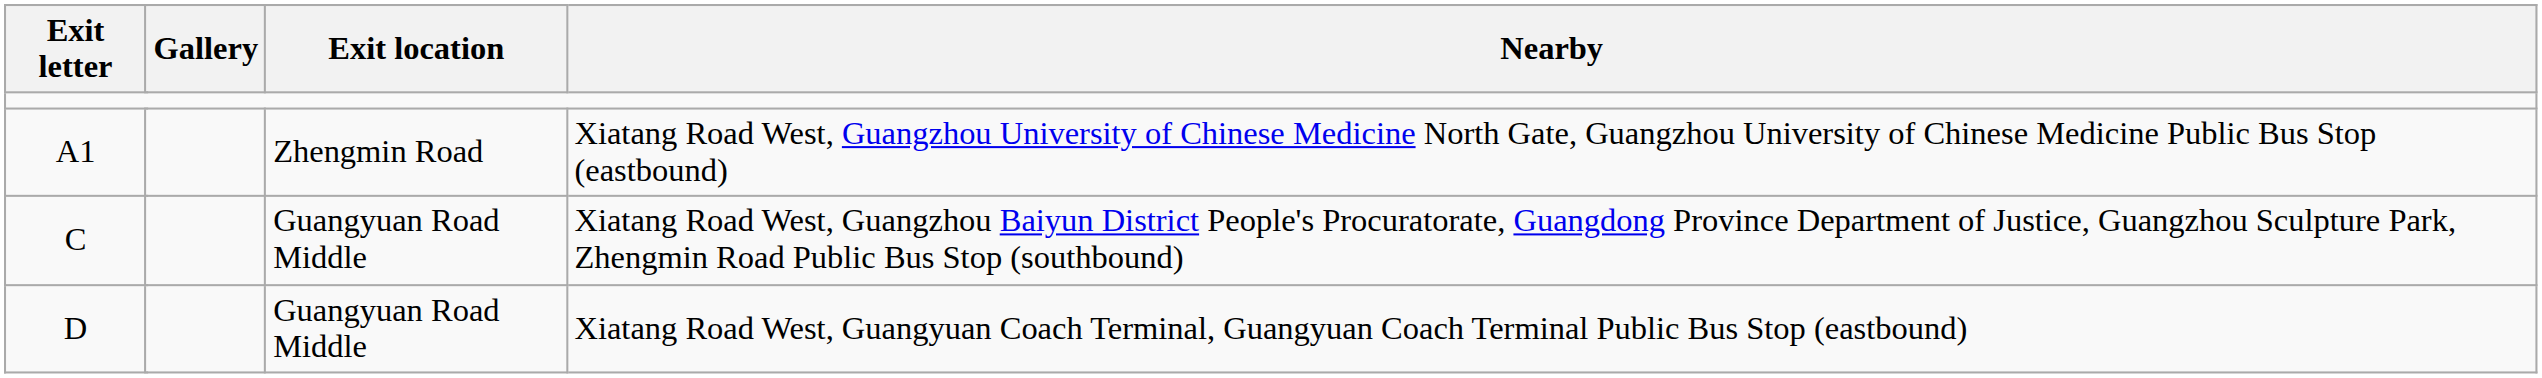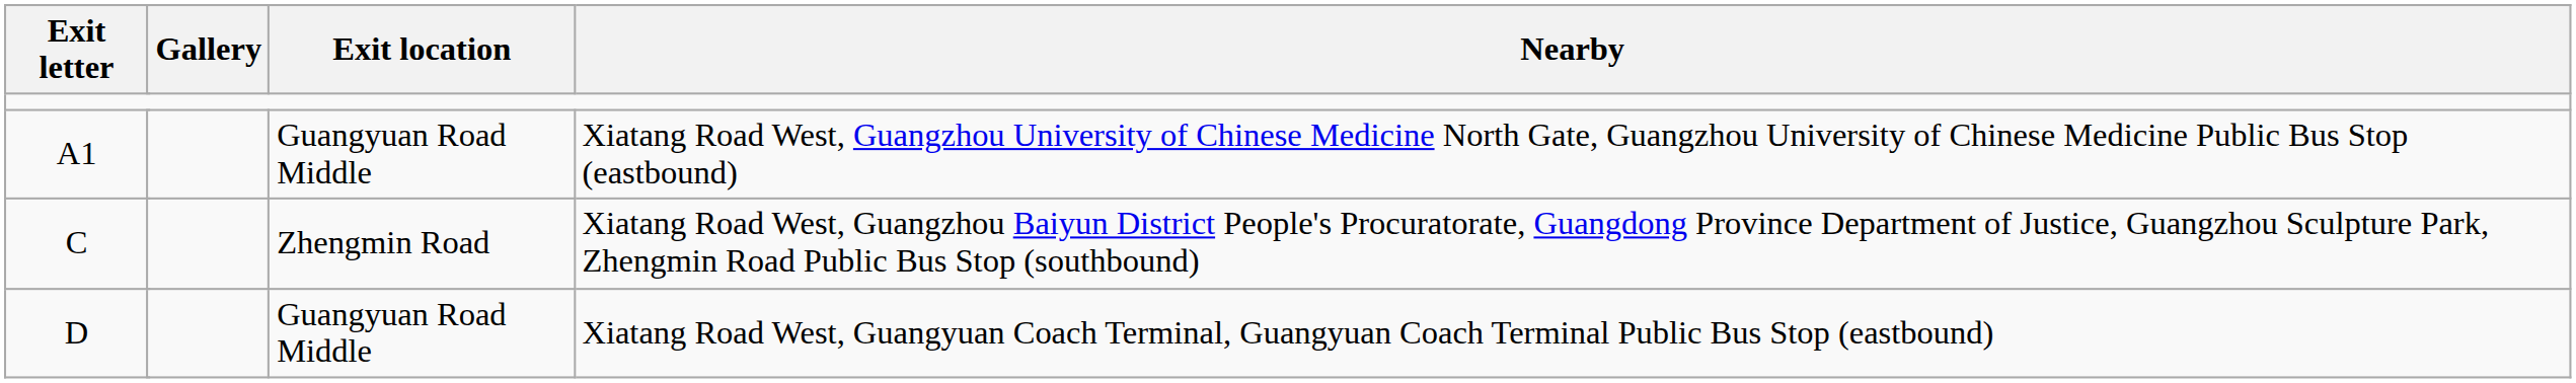 <table class="wikitable">
 <tr>
 <th style="width:70px" colspan="3">Exit letter</th>
 <th>Gallery</th>
 <th>Exit location</th>
 <th>Nearby</th>
 </tr>
 <tr style="background:#">
 <td colspan = "6"></td>
 </tr>
 <tr>
 <td align="center" colspan="3">A1</td>
 <td><br></td>
-<td>Zhengmin Road</td>
+<td>Guangyuan Road Middle</td>
 <td>Xiatang Road West, <a href='#'>Guangzhou University of Chinese Medicine</a> North Gate, Guangzhou University of Chinese Medicine Public Bus Stop (eastbound)</td>
 </tr>
 <tr>
 <td align="center" colspan="3">C</td>
 <td></td>
-<td>Guangyuan Road Middle</td>
+<td>Zhengmin Road</td>
 <td>Xiatang Road West, Guangzhou <a href='#'>Baiyun District</a> People's Procuratorate, <a href='#'>Guangdong</a> Province Department of Justice, Guangzhou Sculpture Park, Zhengmin Road Public Bus Stop (southbound)</td>
 </tr>
 <tr>
 <td align="center" colspan="3">D</td>
 <td></td>
 <td>Guangyuan Road Middle</td>
 <td>Xiatang Road West, Guangyuan Coach Terminal, Guangyuan Coach Terminal Public Bus Stop (eastbound)</td>
 </tr>
 </table>
